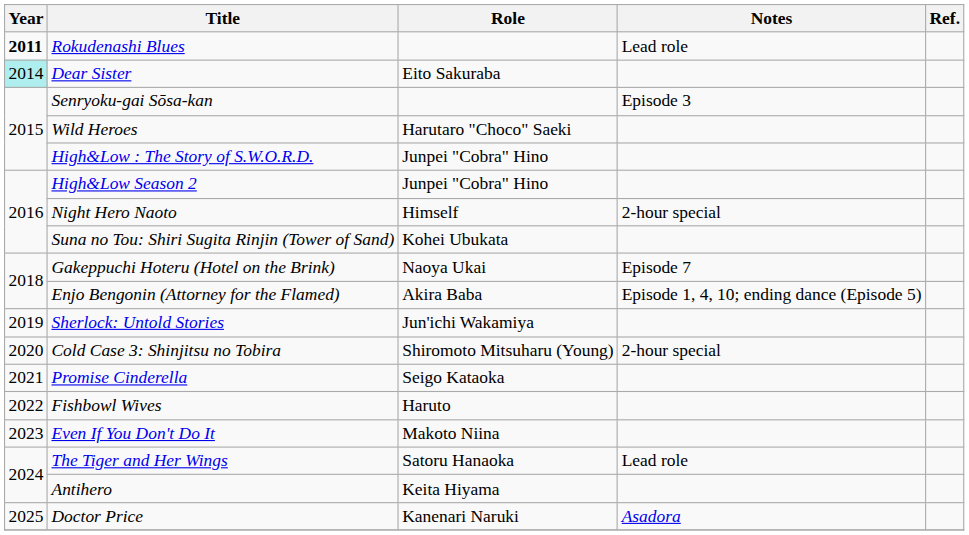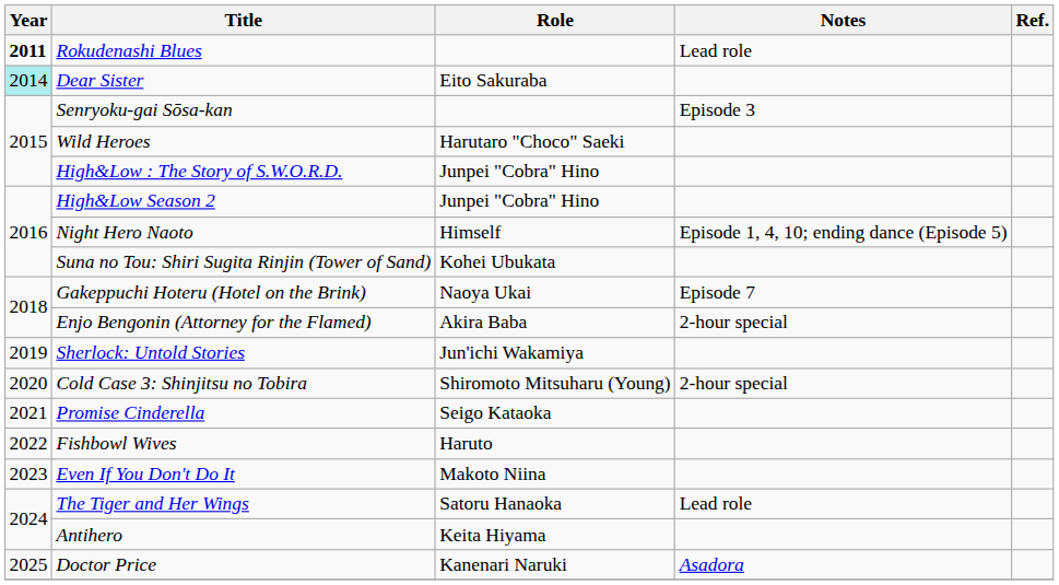 <table class="wikitable">
 <tr>
 <th>Year</th>
 <th>Title</th>
 <th>Role</th>
 <th>Notes</th>
 <th>Ref.</th>
 </tr>
 <tr>
 <td><strong>2011</strong></td>
 <td><em><a href='#'>Rokudenashi Blues</a></em></td>
 <td></td>
 <td>Lead role</td>
 <td></td>
 </tr>
 <tr>
 <td style="background: paleturquoise;">2014</td>
 <td><em><a href='#'>Dear Sister</a></em></td>
 <td>Eito Sakuraba</td>
 <td></td>
 <td></td>
 </tr>
 <tr>
 <td rowspan="3">2015</td>
 <td><em>Senryoku-gai Sōsa-kan</em></td>
 <td></td>
 <td>Episode 3</td>
 <td></td>
 </tr>
 <tr>
 <td><em>Wild Heroes</em></td>
 <td>Harutaro "Choco" Saeki</td>
 <td></td>
 <td></td>
 </tr>
 <tr>
 <td><em><a href='#'>High&Low : The Story of S.W.O.R.D.</a></em></td>
 <td>Junpei "Cobra" Hino</td>
 <td></td>
 <td></td>
 </tr>
 <tr>
 <td rowspan="3">2016</td>
 <td><em><a href='#'>High&Low Season 2</a></em></td>
 <td>Junpei "Cobra" Hino</td>
 <td></td>
 <td></td>
 </tr>
 <tr>
 <td><em>Night Hero Naoto</em></td>
 <td>Himself</td>
-<td>2-hour special</td>
+<td>Episode 1, 4, 10; ending dance (Episode 5)</td>
 <td></td>
 </tr>
 <tr>
 <td><em>Suna no Tou: Shiri Sugita Rinjin (Tower of Sand)</em></td>
 <td>Kohei Ubukata</td>
 <td></td>
 <td></td>
 </tr>
 <tr>
 <td rowspan="2">2018</td>
 <td><em>Gakeppuchi Hoteru (Hotel on the Brink)</em></td>
 <td>Naoya Ukai</td>
 <td>Episode 7</td>
 <td></td>
 </tr>
 <tr>
 <td><em>Enjo Bengonin (Attorney for the Flamed)</em></td>
 <td>Akira Baba</td>
-<td>Episode 1, 4, 10; ending dance (Episode 5)</td>
+<td>2-hour special</td>
 <td></td>
 </tr>
 <tr>
 <td>2019</td>
 <td><em><a href='#'>Sherlock: Untold Stories</a></em></td>
 <td>Jun'ichi Wakamiya</td>
 <td></td>
 <td></td>
 </tr>
 <tr>
 <td>2020</td>
 <td><em>Cold Case 3: Shinjitsu no Tobira</em></td>
 <td>Shiromoto Mitsuharu (Young)</td>
 <td>2-hour special</td>
 <td></td>
 </tr>
 <tr>
 <td>2021</td>
 <td><em><a href='#'>Promise Cinderella</a></em></td>
 <td>Seigo Kataoka</td>
 <td></td>
 <td></td>
 </tr>
 <tr>
 <td>2022</td>
 <td><em>Fishbowl Wives</em></td>
 <td>Haruto</td>
 <td></td>
 <td></td>
 </tr>
 <tr>
 <td>2023</td>
 <td><em><a href='#'>Even If You Don't Do It</a></em></td>
 <td>Makoto Niina</td>
 <td></td>
 <td></td>
 </tr>
 <tr>
 <td rowspan="2">2024</td>
 <td><em><a href='#'>The Tiger and Her Wings</a></em></td>
 <td>Satoru Hanaoka</td>
 <td>Lead role</td>
 <td></td>
 </tr>
 <tr>
 <td><em>Antihero</em></td>
 <td>Keita Hiyama</td>
 <td></td>
 <td></td>
 </tr>
 <tr>
 <td>2025</td>
 <td><em>Doctor Price</em></td>
 <td>Kanenari Naruki</td>
 <td><em><a href='#'>Asadora</a></em></td>
 <td></td>
 </tr>
 <tr>
 </tr>
 </table>
